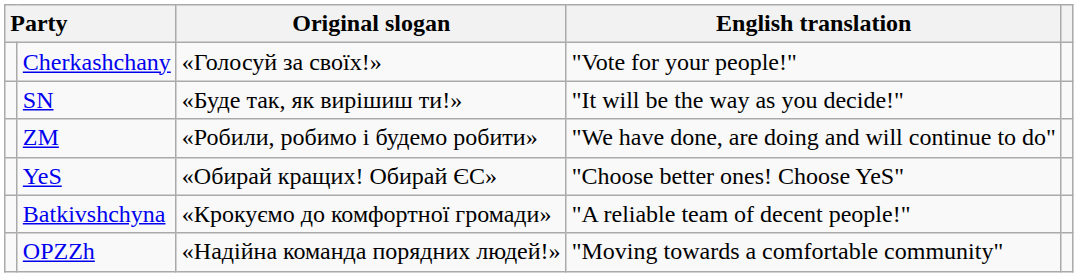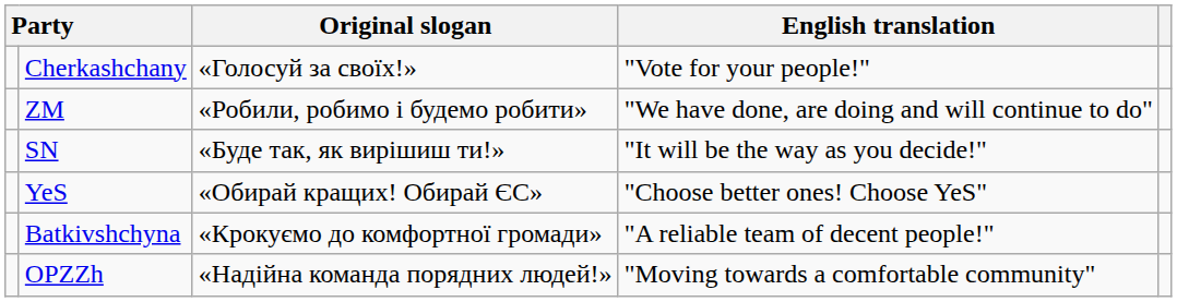 <table class="wikitable" style="text-align:left;">
 <tr>
 <th colspan="2" style="text-align:left;">Party</th>
 <th>Original slogan</th>
 <th>English translation</th>
 <th></th>
 </tr>
 <tr>
 <td width="1" style="color:inherit;background:"></td>
 <td><a href='#'>Cherkashchany</a></td>
 <td>«Голосуй за своїх!»</td>
 <td>"Vote for your people!"</td>
 <td></td>
 </tr>
 <tr>
 <td style="color:inherit;background:"></td>
-<td><a href='#'>SN</a></td>
-<td>«Буде так, як вирішиш ти!»</td>
-<td>"It will be the way as you decide!"</td>
+<td><a href='#'>ZM</a></td>
+<td>«Робили, робимо і будемо робити»</td>
+<td>"We have done, are doing and will continue to do"</td>
 <td></td>
 </tr>
 <tr>
 <td style="color:inherit;background:"></td>
-<td><a href='#'>ZM</a></td>
-<td>«Робили, робимо і будемо робити»</td>
-<td>"We have done, are doing and will continue to do"</td>
+<td><a href='#'>SN</a></td>
+<td>«Буде так, як вирішиш ти!»</td>
+<td>"It will be the way as you decide!"</td>
 <td></td>
 </tr>
 <tr>
 <td style="color:inherit;background:"></td>
 <td><a href='#'>YeS</a></td>
 <td>«Обирай кращих! Обирай ЄС»</td>
 <td>"Choose better ones! Choose YeS"</td>
 <td></td>
 </tr>
 <tr>
 <td style="color:inherit;background:"></td>
 <td><a href='#'>Batkivshchyna</a></td>
 <td>«Крокуємо до комфортної громади»</td>
 <td>"A reliable team of decent people!"</td>
 <td></td>
 </tr>
 <tr>
 <td style="color:inherit;background:"></td>
 <td><a href='#'>OPZZh</a></td>
 <td>«Надійна команда порядних людей!»</td>
 <td>"Moving towards a comfortable community"</td>
 <td></td>
 </tr>
 </table>
